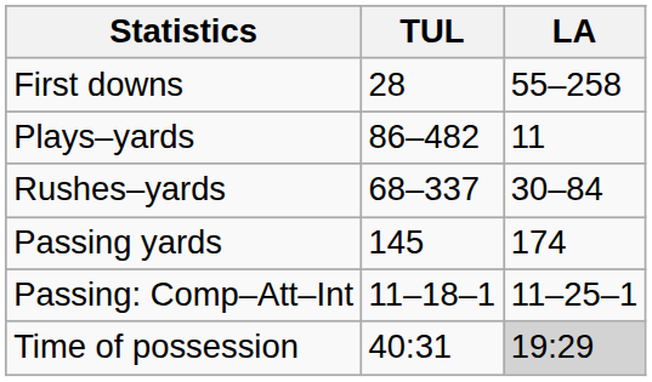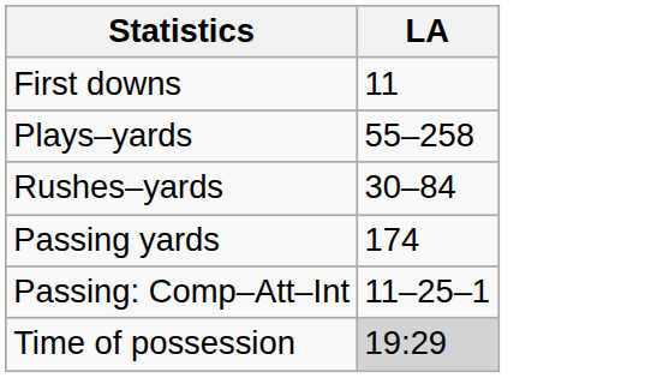 <table class="wikitable">
 <tr>
 <th>Statistics</th>
-<th>TUL</th>
 <th>LA</th>
 </tr>
 <tr>
 <td>First downs</td>
-<td>28</td>
+<td>11</td>
+</tr>
+<tr>
+<td>Plays–yards</td>
 <td>55–258</td>
 </tr>
 <tr>
-<td>Plays–yards</td>
-<td>86–482</td>
-<td>11</td>
-</tr>
-<tr>
 <td>Rushes–yards</td>
-<td>68–337</td>
 <td>30–84</td>
 </tr>
 <tr>
 <td>Passing yards</td>
-<td>145</td>
 <td>174</td>
 </tr>
 <tr>
 <td>Passing: Comp–Att–Int</td>
-<td>11–18–1</td>
 <td>11–25–1</td>
 </tr>
 <tr>
 <td>Time of possession</td>
-<td>40:31</td>
 <td style="background: lightgrey;">19:29</td>
 </tr>
 </table>
